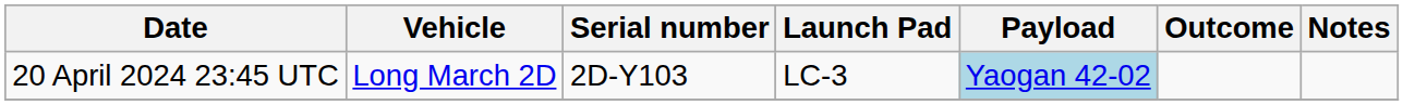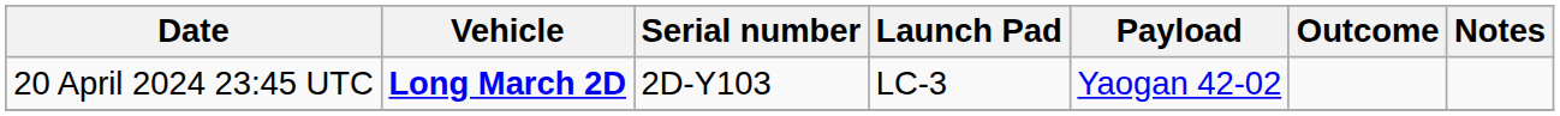 <table class=wikitable>
 <tr>
 <th>Date</th>
 <th>Vehicle</th>
 <th>Serial number</th>
 <th>Launch Pad</th>
 <th>Payload</th>
 <th>Outcome</th>
 <th>Notes</th>
 </tr>
 <tr>
 <td>20 April 2024 23:45 UTC</td>
-<td><a href='#'>Long March 2D</a></td>
+<td><strong><a href='#'>Long March 2D</a></strong></td>
 <td>2D-Y103</td>
 <td>LC-3</td>
-<td style="background: lightblue;"><a href='#'>Yaogan 42-02</a></td>
+<td><a href='#'>Yaogan 42-02</a></td>
 <td></td>
 <td></td>
 </tr>
 <tr>
 </tr>
 </table>
